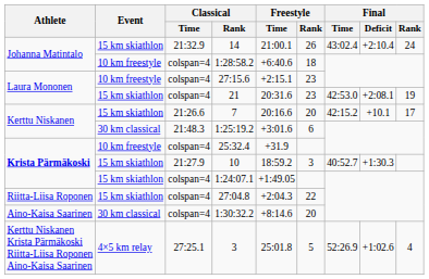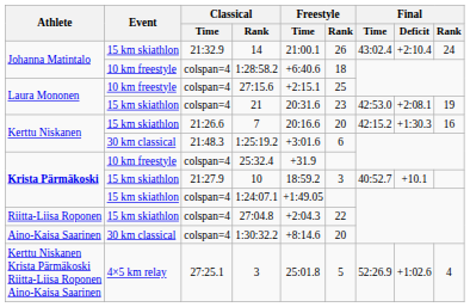 <table class="wikitable" style="font-size:90%">
 <tr>
 <th rowspan=2>Athlete</th>
 <th rowspan=2>Event</th>
 <th colspan=2>Classical</th>
 <th colspan=2>Freestyle</th>
 <th colspan=3>Final</th>
 </tr>
 <tr style="font-size: 95%">
 <th>Time</th>
 <th>Rank</th>
 <th>Time</th>
 <th>Rank</th>
 <th>Time</th>
 <th>Deficit</th>
 <th>Rank</th>
 </tr>
 <tr align=center>
 <td align=left rowspan=2><a href='#'>Johanna Matintalo</a></td>
 <td align=left><a href='#'>15 km skiathlon</a></td>
 <td>21:32.9</td>
 <td>14</td>
 <td>21:00.1</td>
 <td>26</td>
 <td>43:02.4</td>
 <td>+2:10.4</td>
 <td>24</td>
 </tr>
 <tr align=center>
 <td align=left><a href='#'>10 km freestyle</a></td>
 <td>colspan=4 </td>
 <td>1:28:58.2</td>
 <td>+6:40.6</td>
 <td>18</td>
 </tr>
 <tr align=center>
 <td align=left rowspan=2><a href='#'>Laura Mononen</a></td>
 <td align=left><a href='#'>10 km freestyle</a></td>
 <td>colspan=4 </td>
 <td>27:15.6</td>
 <td>+2:15.1</td>
-<td>23</td>
+<td>25</td>
 </tr>
 <tr align=center>
 <td align=left><a href='#'>15 km skiathlon</a></td>
 <td>colspan=4 </td>
 <td>21</td>
 <td>20:31.6</td>
 <td>23</td>
 <td>42:53.0</td>
 <td>+2:08.1</td>
 <td>19</td>
 </tr>
 <tr align=center>
 <td align=left rowspan=2><a href='#'>Kerttu Niskanen</a></td>
 <td align=left><a href='#'>15 km skiathlon</a></td>
 <td>21:26.6</td>
 <td>7</td>
 <td>20:16.6</td>
 <td>20</td>
 <td>42:15.2</td>
-<td>+10.1</td>
-<td>17</td>
+<td>+1:30.3</td>
+<td>16</td>
 </tr>
 <tr align=center>
 <td align=left><a href='#'>30 km classical</a></td>
 <td>21:48.3</td>
 <td>1:25:19.2</td>
 <td>+3:01.6</td>
 <td>6</td>
 </tr>
 <tr align=center>
 <td align=left rowspan=3><strong><a href='#'>Krista Pärmäkoski</a></strong></td>
 <td align=left><a href='#'>10 km freestyle</a></td>
 <td>colspan=4 </td>
 <td>25:32.4</td>
 <td>+31.9</td>
 <td></td>
 </tr>
 <tr align=center>
 <td align=left><a href='#'>15 km skiathlon</a></td>
 <td>21:27.9</td>
 <td>10</td>
 <td>18:59.2</td>
 <td>3</td>
 <td>40:52.7</td>
-<td>+1:30.3</td>
+<td>+10.1</td>
 <td></td>
 </tr>
 <tr align=center>
 <td align=left><a href='#'>15 km skiathlon</a></td>
 <td>colspan=4 </td>
 <td>1:24:07.1</td>
 <td>+1:49.05</td>
 <td></td>
 </tr>
 <tr align=center>
 <td align=left><a href='#'>Riitta-Liisa Roponen</a></td>
 <td align=left><a href='#'>15 km skiathlon</a></td>
 <td>colspan=4 </td>
 <td>27:04.8</td>
 <td>+2:04.3</td>
 <td>22</td>
 </tr>
 <tr align=center>
 <td align=left><a href='#'>Aino-Kaisa Saarinen</a></td>
 <td align=left><a href='#'>30 km classical</a></td>
 <td>colspan=4 </td>
 <td>1:30:32.2</td>
 <td>+8:14.6</td>
 <td>20</td>
 </tr>
 <tr align=center>
 <td align=left><a href='#'>Kerttu Niskanen</a><br><a href='#'>Krista Pärmäkoski</a><br><a href='#'>Riitta-Liisa Roponen</a><br><a href='#'>Aino-Kaisa Saarinen</a></td>
 <td align=left><a href='#'>4×5 km relay</a></td>
 <td>27:25.1</td>
 <td>3</td>
 <td>25:01.8</td>
 <td>5</td>
 <td>52:26.9</td>
 <td>+1:02.6</td>
 <td>4</td>
 </tr>
 </table>
